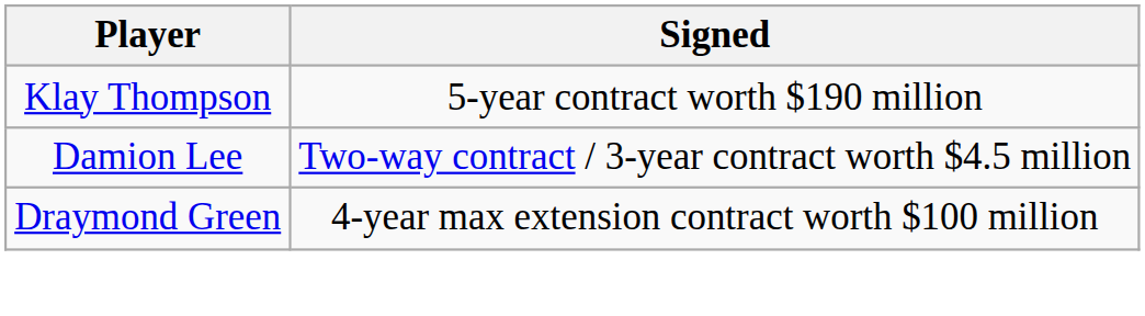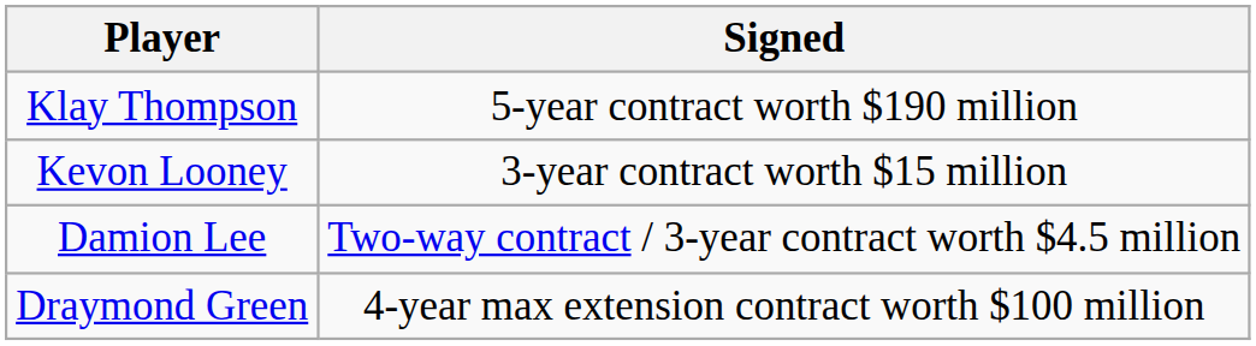 <table class="wikitable sortable sortable" style="text-align: center">
 <tr>
 <th>Player</th>
 <th>Signed</th>
 </tr>
 <tr style="text-align: center">
 <td><a href='#'>Klay Thompson</a></td>
 <td>5-year contract worth $190 million</td>
+</tr>
+<tr>
+<td><a href='#'>Kevon Looney</a></td>
+<td>3-year contract worth $15 million</td>
 </tr>
 <tr style="text-align: center">
 <td><a href='#'>Damion Lee</a></td>
 <td><a href='#'>Two-way contract</a> / 3-year contract worth $4.5 million</td>
 </tr>
 <tr style="text-align: center">
 <td><a href='#'>Draymond Green</a></td>
 <td>4-year max extension contract worth $100 million</td>
 </tr>
 </table>
